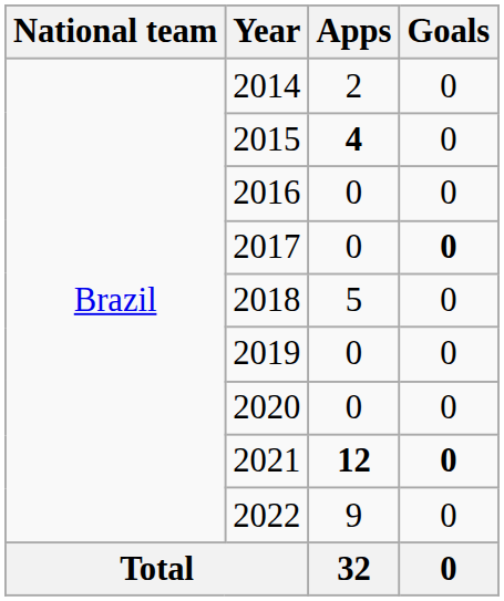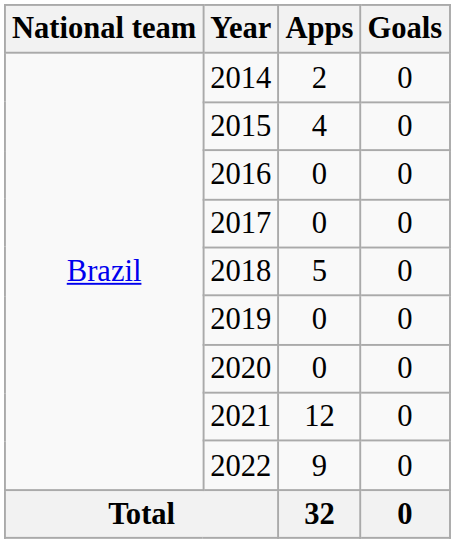 <table class=wikitable style=text-align:center>
 <tr>
 <th>National team</th>
 <th>Year</th>
 <th>Apps</th>
 <th>Goals</th>
 </tr>
 <tr>
 <td rowspan="9"><a href='#'>Brazil</a></td>
 <td>2014</td>
 <td>2</td>
 <td>0</td>
 </tr>
 <tr>
 <td>2015</td>
-<td><strong>4</strong></td>
+<td>4</td>
 <td>0</td>
 </tr>
 <tr>
 <td>2016</td>
 <td>0</td>
 <td>0</td>
 </tr>
 <tr>
 <td>2017</td>
 <td>0</td>
-<td><strong>0</strong></td>
+<td>0</td>
 </tr>
 <tr>
 <td>2018</td>
 <td>5</td>
 <td>0</td>
 </tr>
 <tr>
 <td>2019</td>
 <td>0</td>
 <td>0</td>
 </tr>
 <tr>
 <td>2020</td>
 <td>0</td>
 <td>0</td>
 </tr>
 <tr>
 <td>2021</td>
-<td><strong>12</strong></td>
-<td><strong>0</strong></td>
+<td>12</td>
+<td>0</td>
 </tr>
 <tr>
 <td>2022</td>
 <td>9</td>
 <td>0</td>
 </tr>
 <tr>
 <th colspan="2">Total</th>
 <th>32</th>
 <th>0</th>
 </tr>
 </table>
